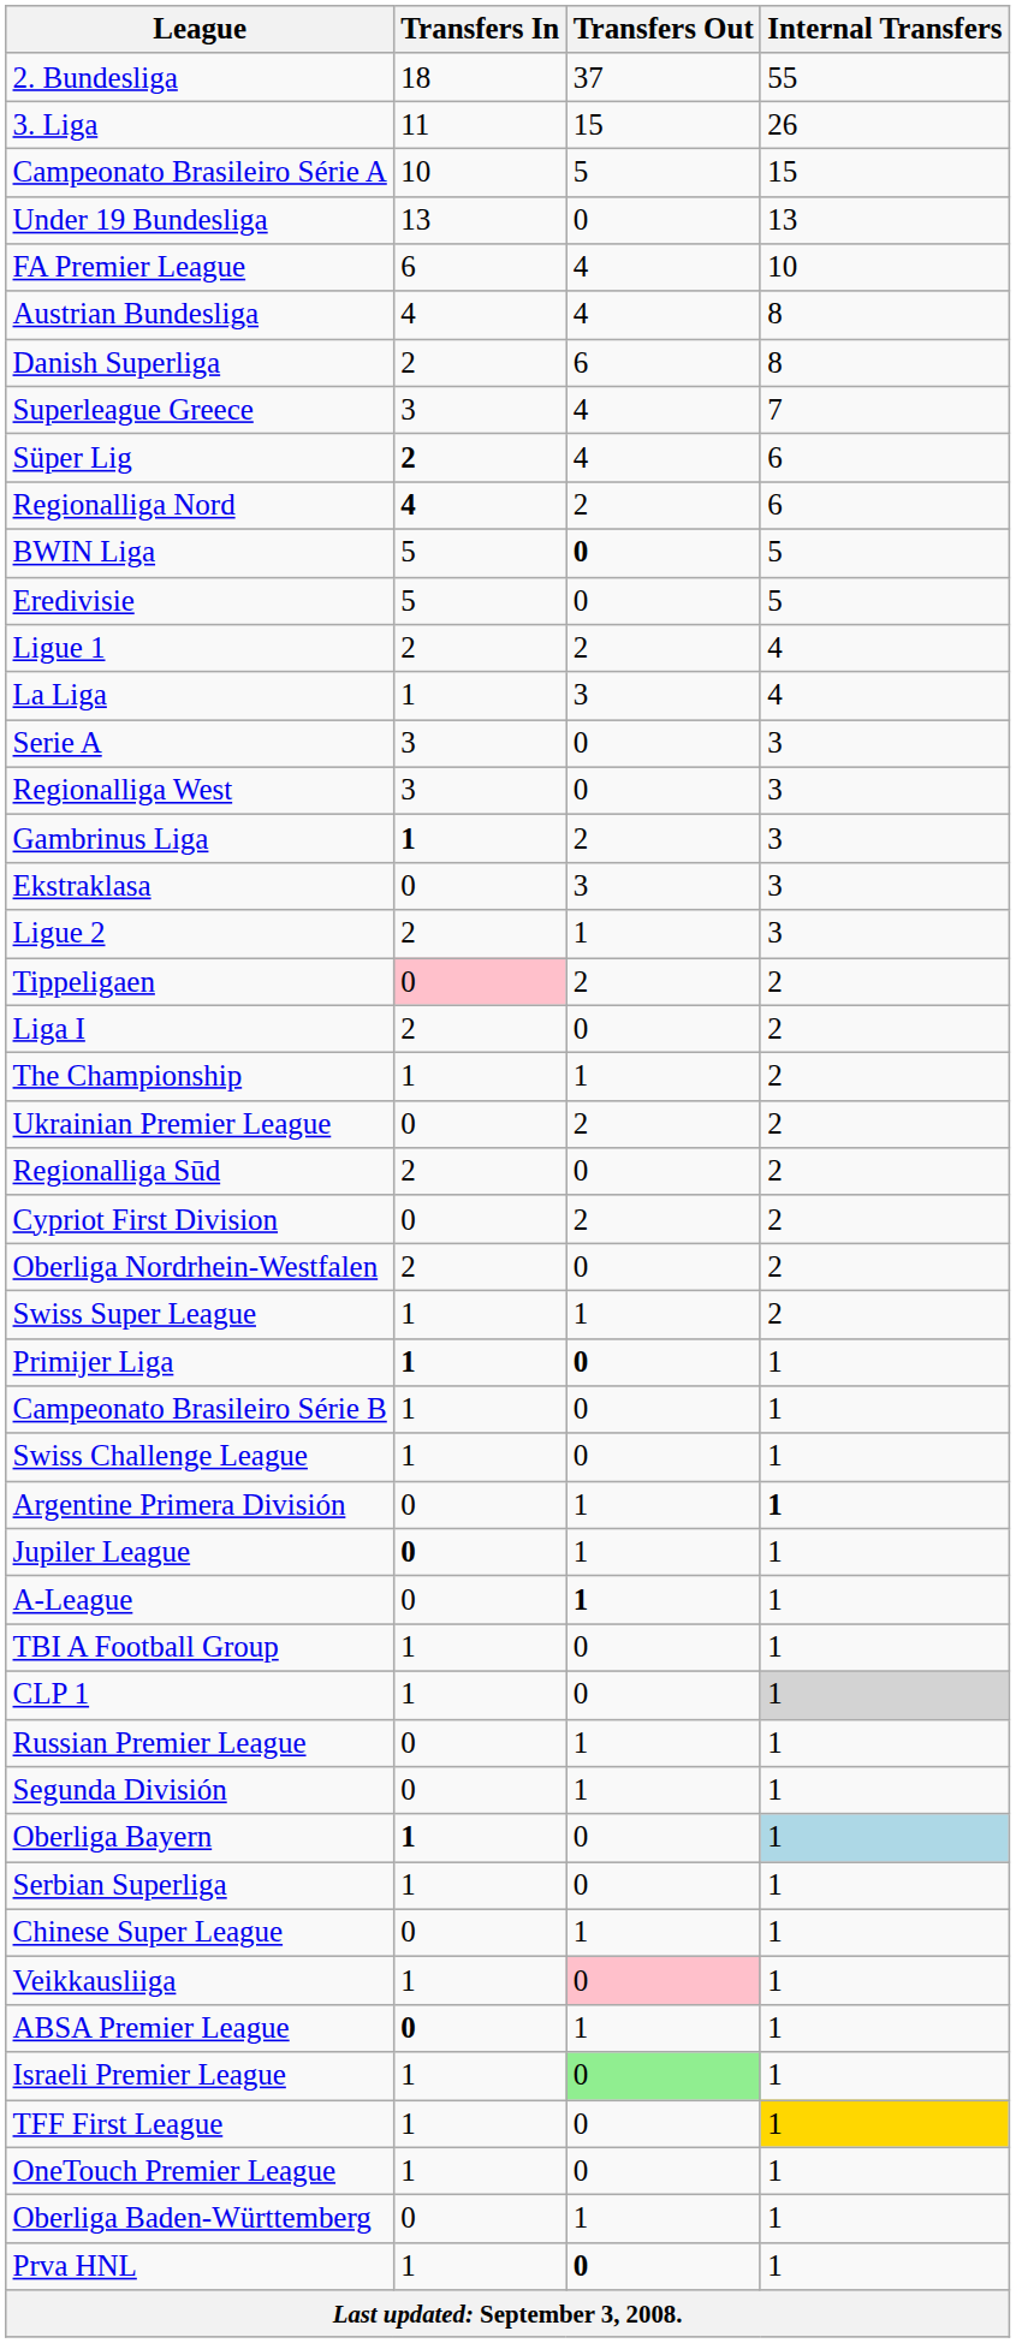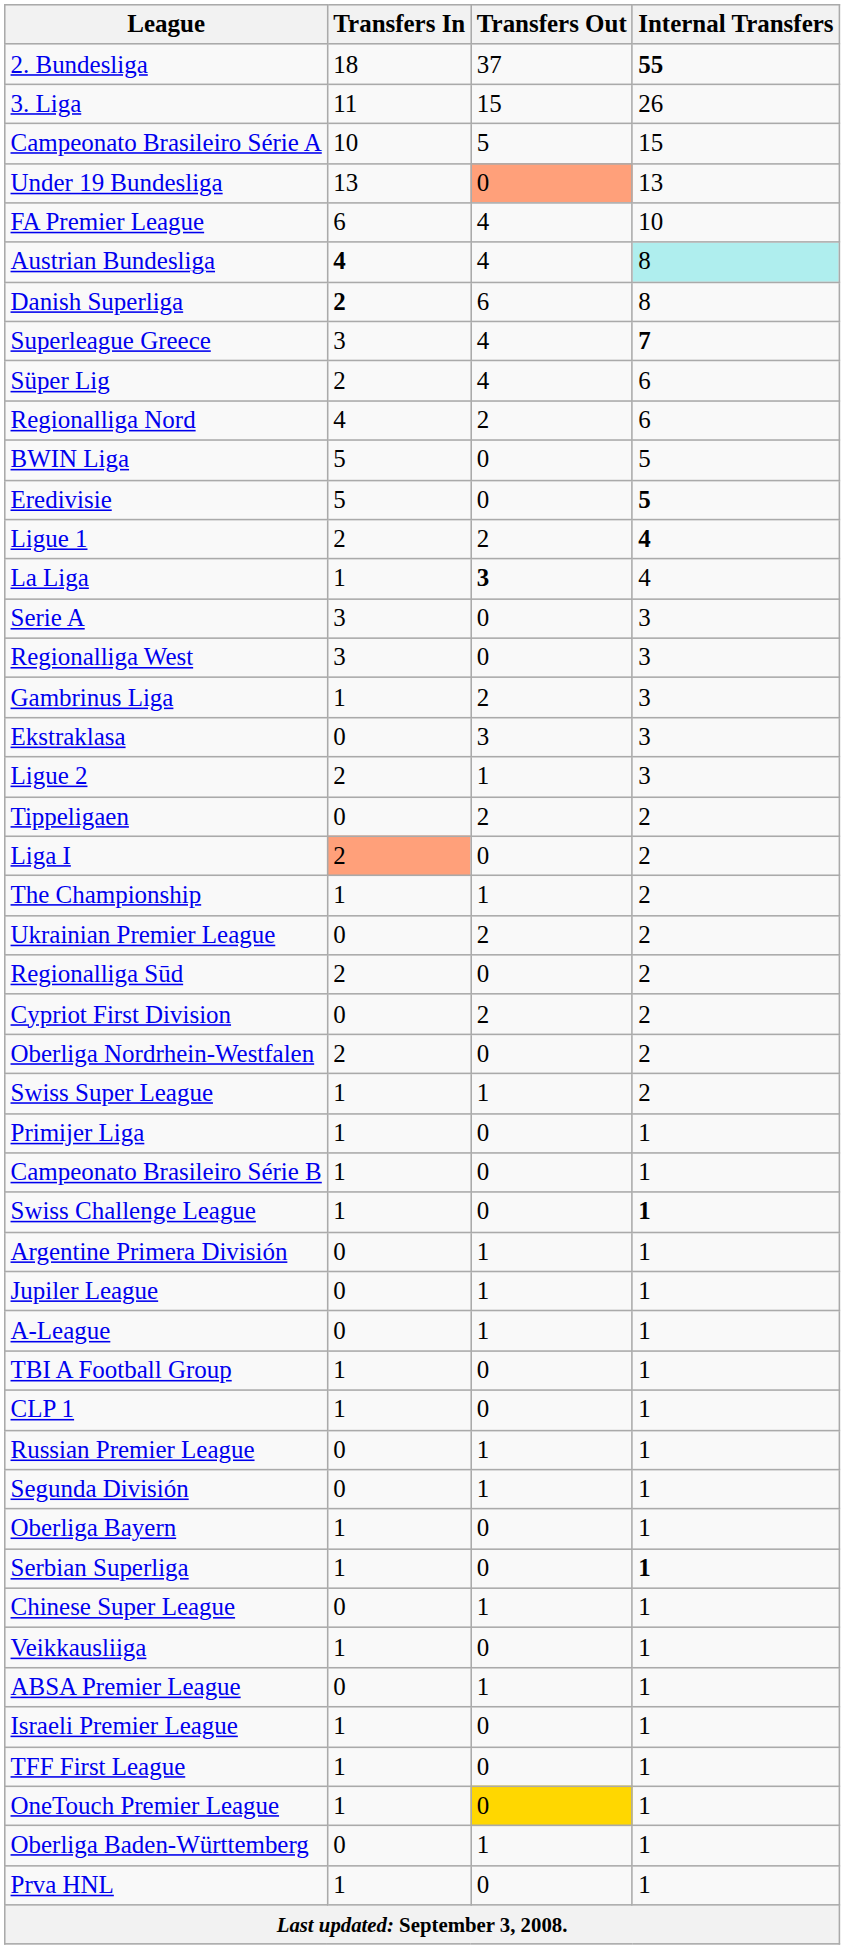 <table class="wikitable sortable">
 <tr>
 <th>League</th>
 <th>Transfers In</th>
 <th>Transfers Out</th>
 <th>Internal Transfers</th>
 </tr>
 <tr>
 <td> <a href='#'>2. Bundesliga</a></td>
 <td>18</td>
 <td>37</td>
-<td>55</td>
+<td><strong>55</strong></td>
 </tr>
 <tr>
 <td> <a href='#'>3. Liga</a></td>
 <td>11</td>
 <td>15</td>
 <td>26</td>
 </tr>
 <tr>
 <td> <a href='#'>Campeonato Brasileiro Série A</a></td>
 <td>10</td>
 <td>5</td>
 <td>15</td>
 </tr>
 <tr>
 <td> <a href='#'>Under 19 Bundesliga</a></td>
 <td>13</td>
-<td>0</td>
+<td style="background: lightsalmon;">0</td>
 <td>13</td>
 </tr>
 <tr>
 <td> <a href='#'>FA Premier League</a></td>
 <td>6</td>
 <td>4</td>
 <td>10</td>
 </tr>
 <tr>
 <td> <a href='#'>Austrian Bundesliga</a></td>
+<td><strong>4</strong></td>
 <td>4</td>
-<td>4</td>
-<td>8</td>
+<td style="background: paleturquoise;">8</td>
 </tr>
 <tr>
 <td> <a href='#'>Danish Superliga</a></td>
-<td>2</td>
+<td><strong>2</strong></td>
 <td>6</td>
 <td>8</td>
 </tr>
 <tr>
 <td> <a href='#'>Superleague Greece</a></td>
 <td>3</td>
 <td>4</td>
-<td>7</td>
+<td><strong>7</strong></td>
 </tr>
 <tr>
 <td> <a href='#'>Süper Lig</a></td>
-<td><strong>2</strong></td>
+<td>2</td>
 <td>4</td>
 <td>6</td>
 </tr>
 <tr>
 <td> <a href='#'>Regionalliga Nord</a></td>
-<td><strong>4</strong></td>
+<td>4</td>
 <td>2</td>
 <td>6</td>
 </tr>
 <tr>
 <td> <a href='#'>BWIN Liga</a></td>
 <td>5</td>
-<td><strong>0</strong></td>
+<td>0</td>
 <td>5</td>
 </tr>
 <tr>
 <td> <a href='#'>Eredivisie</a></td>
 <td>5</td>
 <td>0</td>
-<td>5</td>
+<td><strong>5</strong></td>
 </tr>
 <tr>
 <td> <a href='#'>Ligue 1</a></td>
 <td>2</td>
 <td>2</td>
-<td>4</td>
+<td><strong>4</strong></td>
 </tr>
 <tr>
 <td> <a href='#'>La Liga</a></td>
 <td>1</td>
-<td>3</td>
+<td><strong>3</strong></td>
 <td>4</td>
 </tr>
 <tr>
 <td> <a href='#'>Serie A</a></td>
 <td>3</td>
 <td>0</td>
 <td>3</td>
 </tr>
 <tr>
 <td> <a href='#'>Regionalliga West</a></td>
 <td>3</td>
 <td>0</td>
 <td>3</td>
 </tr>
 <tr>
 <td> <a href='#'>Gambrinus Liga</a></td>
-<td><strong>1</strong></td>
+<td>1</td>
 <td>2</td>
 <td>3</td>
 </tr>
 <tr>
 <td> <a href='#'>Ekstraklasa</a></td>
 <td>0</td>
 <td>3</td>
 <td>3</td>
 </tr>
 <tr>
 <td> <a href='#'>Ligue 2</a></td>
 <td>2</td>
 <td>1</td>
 <td>3</td>
 </tr>
 <tr>
 <td> <a href='#'>Tippeligaen</a></td>
-<td style="background: pink;">0</td>
+<td>0</td>
 <td>2</td>
 <td>2</td>
 </tr>
 <tr>
 <td> <a href='#'>Liga I</a></td>
-<td>2</td>
+<td style="background: lightsalmon;">2</td>
 <td>0</td>
 <td>2</td>
 </tr>
 <tr>
 <td> <a href='#'>The Championship</a></td>
 <td>1</td>
 <td>1</td>
 <td>2</td>
 </tr>
 <tr>
 <td> <a href='#'>Ukrainian Premier League</a></td>
 <td>0</td>
 <td>2</td>
 <td>2</td>
 </tr>
 <tr>
 <td> <a href='#'>Regionalliga Sūd</a></td>
 <td>2</td>
 <td>0</td>
 <td>2</td>
 </tr>
 <tr>
 <td> <a href='#'>Cypriot First Division</a></td>
 <td>0</td>
 <td>2</td>
 <td>2</td>
 </tr>
 <tr>
 <td> <a href='#'>Oberliga Nordrhein-Westfalen</a></td>
 <td>2</td>
 <td>0</td>
 <td>2</td>
 </tr>
 <tr>
 <td> <a href='#'>Swiss Super League</a></td>
 <td>1</td>
 <td>1</td>
 <td>2</td>
 </tr>
 <tr>
 <td> <a href='#'>Primijer Liga</a></td>
-<td><strong>1</strong></td>
-<td><strong>0</strong></td>
+<td>1</td>
+<td>0</td>
 <td>1</td>
 </tr>
 <tr>
 <td> <a href='#'>Campeonato Brasileiro Série B</a></td>
 <td>1</td>
 <td>0</td>
 <td>1</td>
 </tr>
 <tr>
 <td> <a href='#'>Swiss Challenge League</a></td>
 <td>1</td>
 <td>0</td>
-<td>1</td>
+<td><strong>1</strong></td>
 </tr>
 <tr>
 <td> <a href='#'>Argentine Primera División</a></td>
 <td>0</td>
 <td>1</td>
-<td><strong>1</strong></td>
+<td>1</td>
 </tr>
 <tr>
 <td> <a href='#'>Jupiler League</a></td>
-<td><strong>0</strong></td>
+<td>0</td>
 <td>1</td>
 <td>1</td>
 </tr>
 <tr>
 <td> <a href='#'>A-League</a></td>
 <td>0</td>
-<td><strong>1</strong></td>
+<td>1</td>
 <td>1</td>
 </tr>
 <tr>
 <td> <a href='#'>TBI A Football Group</a></td>
 <td>1</td>
 <td>0</td>
 <td>1</td>
 </tr>
 <tr>
 <td> <a href='#'>CLP 1</a></td>
 <td>1</td>
 <td>0</td>
-<td style="background: lightgrey;">1</td>
+<td>1</td>
 </tr>
 <tr>
 <td> <a href='#'>Russian Premier League</a></td>
 <td>0</td>
 <td>1</td>
 <td>1</td>
 </tr>
 <tr>
 <td> <a href='#'>Segunda División</a></td>
 <td>0</td>
 <td>1</td>
 <td>1</td>
 </tr>
 <tr>
 <td> <a href='#'>Oberliga Bayern</a></td>
-<td><strong>1</strong></td>
+<td>1</td>
 <td>0</td>
-<td style="background: lightblue;">1</td>
+<td>1</td>
 </tr>
 <tr>
 <td> <a href='#'>Serbian Superliga</a></td>
 <td>1</td>
 <td>0</td>
-<td>1</td>
+<td><strong>1</strong></td>
 </tr>
 <tr>
 <td> <a href='#'>Chinese Super League</a></td>
 <td>0</td>
 <td>1</td>
 <td>1</td>
 </tr>
 <tr>
 <td> <a href='#'>Veikkausliiga</a></td>
 <td>1</td>
-<td style="background: pink;">0</td>
+<td>0</td>
 <td>1</td>
 </tr>
 <tr>
 <td> <a href='#'>ABSA Premier League</a></td>
-<td><strong>0</strong></td>
+<td>0</td>
 <td>1</td>
 <td>1</td>
 </tr>
 <tr>
 <td> <a href='#'>Israeli Premier League</a></td>
 <td>1</td>
-<td style="background: lightgreen;">0</td>
+<td>0</td>
 <td>1</td>
 </tr>
 <tr>
 <td> <a href='#'>TFF First League</a></td>
 <td>1</td>
 <td>0</td>
-<td style="background: gold;">1</td>
+<td>1</td>
 </tr>
 <tr>
 <td> <a href='#'>OneTouch Premier League</a></td>
 <td>1</td>
-<td>0</td>
+<td style="background: gold;">0</td>
 <td>1</td>
 </tr>
 <tr>
 <td> <a href='#'>Oberliga Baden-Württemberg</a></td>
 <td>0</td>
 <td>1</td>
 <td>1</td>
 </tr>
 <tr>
 <td> <a href='#'>Prva HNL</a></td>
 <td>1</td>
-<td><strong>0</strong></td>
+<td>0</td>
 <td>1</td>
 </tr>
 <tr>
 <th colspan="7" align="centre"><small><em>Last updated:</em> September 3, 2008.</small></th>
 </tr>
 </table>
